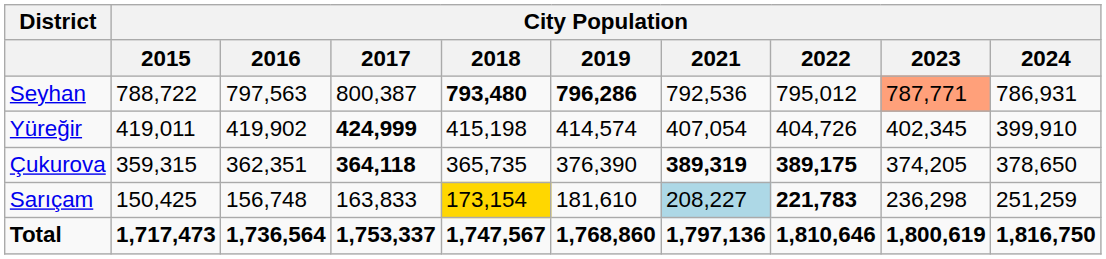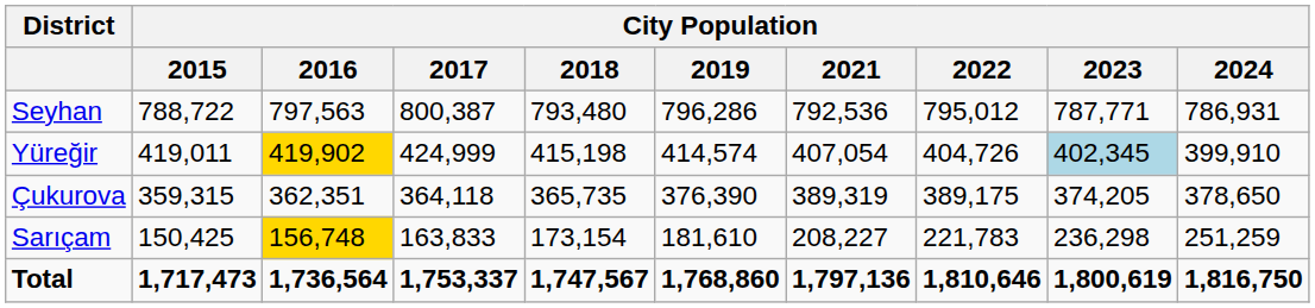 <table class="wikitable">
 <tr>
 <th valign=bottom>District</th>
 <th colspan="11">City Population</th>
 </tr>
 <tr>
 <th></th>
 <th>2015</th>
 <th>2016</th>
 <th>2017</th>
 <th>2018</th>
 <th>2019</th>
 <th>2021</th>
 <th>2022</th>
 <th>2023</th>
 <th>2024</th>
 </tr>
 <tr>
 <td><a href='#'>Seyhan</a></td>
 <td>788,722</td>
 <td>797,563</td>
 <td>800,387</td>
-<td><strong>793,480</strong></td>
-<td><strong>796,286</strong></td>
+<td>793,480</td>
+<td>796,286</td>
 <td>792,536</td>
 <td>795,012</td>
-<td style="background: lightsalmon;">787,771</td>
+<td>787,771</td>
 <td>786,931</td>
 </tr>
 <tr>
 <td><a href='#'>Yüreğir</a></td>
 <td>419,011</td>
-<td>419,902</td>
-<td><strong>424,999</strong></td>
+<td style="background: gold;">419,902</td>
+<td>424,999</td>
 <td>415,198</td>
 <td>414,574</td>
 <td>407,054</td>
 <td>404,726</td>
-<td>402,345</td>
+<td style="background: lightblue;">402,345</td>
 <td>399,910</td>
 </tr>
 <tr>
 <td><a href='#'>Çukurova</a></td>
 <td>359,315</td>
 <td>362,351</td>
-<td><strong>364,118</strong></td>
+<td>364,118</td>
 <td>365,735</td>
 <td>376,390</td>
-<td><strong>389,319</strong></td>
-<td><strong>389,175</strong></td>
+<td>389,319</td>
+<td>389,175</td>
 <td>374,205</td>
 <td>378,650</td>
 </tr>
 <tr>
 <td><a href='#'>Sarıçam</a></td>
 <td>150,425</td>
-<td>156,748</td>
+<td style="background: gold;">156,748</td>
 <td>163,833</td>
-<td style="background: gold;">173,154</td>
+<td>173,154</td>
 <td>181,610</td>
-<td style="background: lightblue;">208,227</td>
-<td><strong>221,783</strong></td>
+<td>208,227</td>
+<td>221,783</td>
 <td>236,298</td>
 <td>251,259</td>
 </tr>
 <tr>
 <td><strong>Total</strong></td>
 <td><strong>1,717,473</strong></td>
 <td><strong>1,736,564</strong></td>
 <td><strong>1,753,337</strong></td>
 <td><strong>1,747,567</strong></td>
 <td><strong>1,768,860</strong></td>
 <td><strong>1,797,136</strong></td>
 <td><strong>1,810,646</strong></td>
 <td><strong>1,800,619</strong></td>
 <td><strong>1,816,750</strong></td>
 </tr>
 </table>
